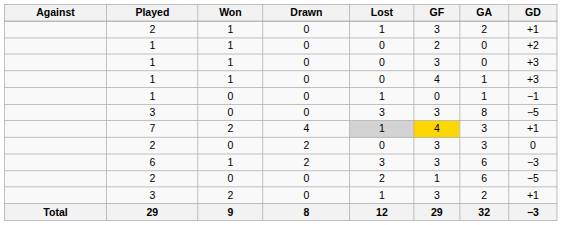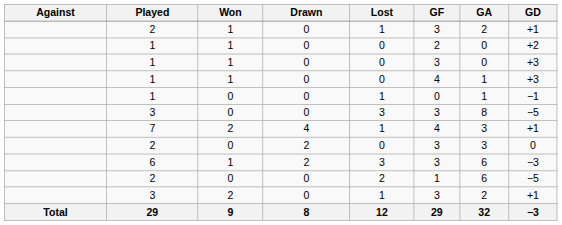 <table class="sortable wikitable" style="width:60%; font-size:90%; text-align:center;">
 <tr>
 <th>Against</th>
 <th>Played</th>
 <th>Won</th>
 <th>Drawn</th>
 <th>Lost</th>
 <th>GF</th>
 <th>GA</th>
 <th>GD</th>
 </tr>
 <tr bgcolor="#d0ffd0" align="center">
 </tr>
 <tr>
 <td align=left></td>
 <td>2</td>
 <td>1</td>
 <td>0</td>
 <td>1</td>
 <td>3</td>
 <td>2</td>
 <td>+1</td>
 </tr>
 <tr>
 <td align=left></td>
 <td>1</td>
 <td>1</td>
 <td>0</td>
 <td>0</td>
 <td>2</td>
 <td>0</td>
 <td>+2</td>
 </tr>
 <tr>
 <td align=left></td>
 <td>1</td>
 <td>1</td>
 <td>0</td>
 <td>0</td>
 <td>3</td>
 <td>0</td>
 <td>+3</td>
 </tr>
 <tr>
 <td align=left></td>
 <td>1</td>
 <td>1</td>
 <td>0</td>
 <td>0</td>
 <td>4</td>
 <td>1</td>
 <td>+3</td>
 </tr>
 <tr>
 <td align=left></td>
 <td>1</td>
 <td>0</td>
 <td>0</td>
 <td>1</td>
 <td>0</td>
 <td>1</td>
 <td>−1</td>
 </tr>
 <tr>
 <td align=left></td>
 <td>3</td>
 <td>0</td>
 <td>0</td>
 <td>3</td>
 <td>3</td>
 <td>8</td>
 <td>−5</td>
 </tr>
 <tr>
 <td align=left></td>
 <td>7</td>
 <td>2</td>
 <td>4</td>
-<td style="background: lightgrey;">1</td>
-<td style="background: gold;">4</td>
+<td>1</td>
+<td>4</td>
 <td>3</td>
 <td>+1</td>
 </tr>
 <tr>
 <td align=left></td>
 <td>2</td>
 <td>0</td>
 <td>2</td>
 <td>0</td>
 <td>3</td>
 <td>3</td>
 <td>0</td>
 </tr>
 <tr>
 <td align=left></td>
 <td>6</td>
 <td>1</td>
 <td>2</td>
 <td>3</td>
 <td>3</td>
 <td>6</td>
 <td>−3</td>
 </tr>
 <tr>
 <td align=left></td>
 <td>2</td>
 <td>0</td>
 <td>0</td>
 <td>2</td>
 <td>1</td>
 <td>6</td>
 <td>−5</td>
 </tr>
 <tr>
 <td align=left></td>
 <td>3</td>
 <td>2</td>
 <td>0</td>
 <td>1</td>
 <td>3</td>
 <td>2</td>
 <td>+1</td>
 </tr>
 <tr class="sortbottom">
 <th>Total</th>
 <th>29</th>
 <th>9</th>
 <th>8</th>
 <th>12</th>
 <th>29</th>
 <th>32</th>
 <th>−3</th>
 </tr>
 </table>
